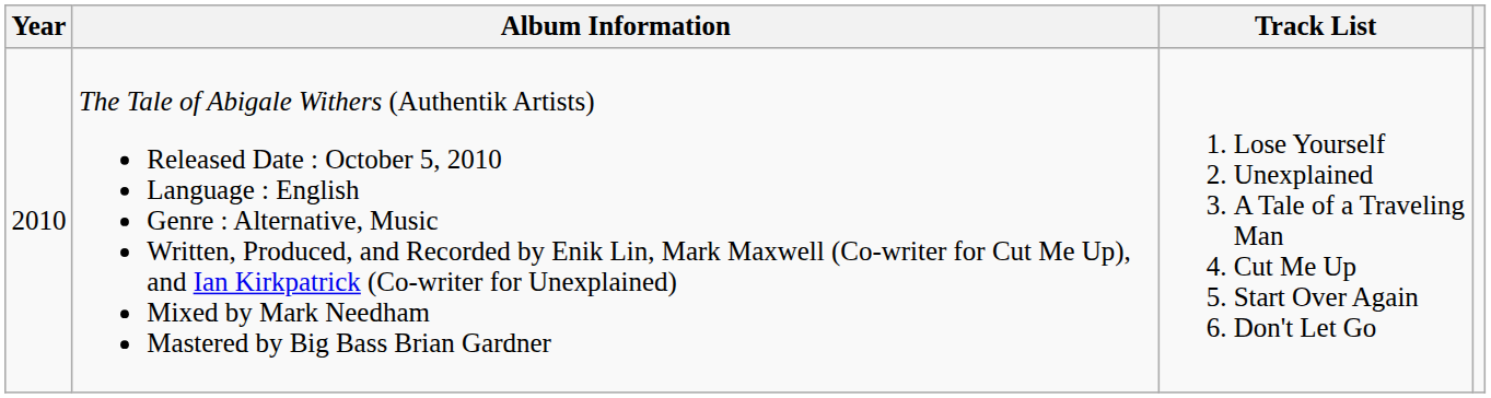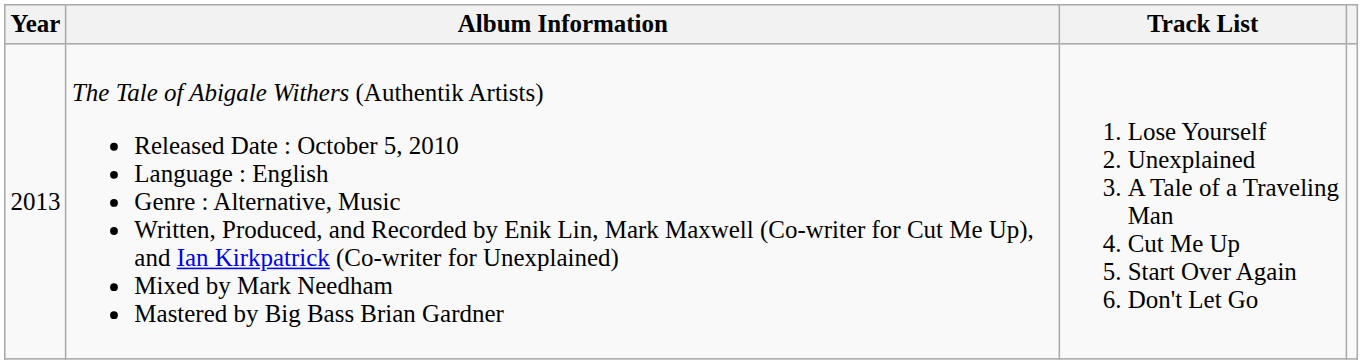 <table class="wikitable">
 <tr>
 <th>Year</th>
 <th>Album Information</th>
 <th>Track List</th>
 <th></th>
 </tr>
 <tr>
-<td>2010</td>
+<td>2013</td>
 <td><br><em>The Tale of Abigale Withers</em> (Authentik Artists)<ul><li>Released Date : October 5, 2010</li><li>Language : English</li><li>Genre : Alternative, Music</li><li>Written, Produced, and Recorded by Enik Lin, Mark Maxwell (Co-writer for Cut Me Up), and <a href='#'>Ian Kirkpatrick</a> (Co-writer for Unexplained)</li><li>Mixed by Mark Needham</li><li>Mastered by Big Bass Brian Gardner</li></ul></td>
 <td><br><ol><li>Lose Yourself</li><li>Unexplained</li><li>A Tale of a Traveling Man</li><li>Cut Me Up</li><li>Start Over Again</li><li>Don't Let Go</li></ol></td>
 <td></td>
 </tr>
 </table>
